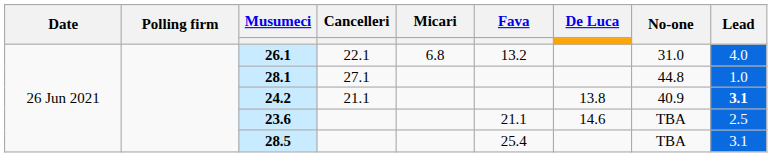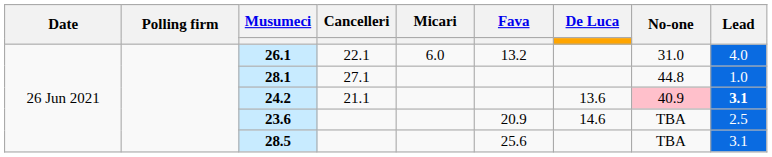 <table class="wikitable collapsible collapsed" style="text-align:center;font-size:85%;line-height:13px">
 <tr style="height:30px; background-color:#E9E9E9">
 <th style="width:100px;" rowspan="2">Date</th>
 <th style="width:100px;" rowspan="2">Polling firm</th>
 <th style="width:65px;"><a href='#'>Musumeci</a></th>
 <th style="width:65px;">Cancelleri</th>
 <th style="width:65px;">Micari</th>
 <th style="width:65px;"><a href='#'>Fava</a></th>
 <th style="width:65px;"><a href='#'>De Luca</a></th>
 <th style="width:65px;" rowspan="2">No-one</th>
 <th style="width:45px;" rowspan="2">Lead</th>
 </tr>
 <tr>
 <th style="color:inherit;background:"></th>
 <th style="color:inherit;background:"></th>
 <th style="color:inherit;background:"></th>
 <th style="color:inherit;background:"></th>
 <th style="color:inherit;background:orange;"></th>
 </tr>
 <tr>
 <td rowspan="5">26 Jun 2021</td>
 <td rowspan="5"></td>
 <td style="background:#C8EBFF"><strong>26.1</strong></td>
 <td>22.1</td>
-<td>6.8</td>
+<td>6.0</td>
 <td>13.2</td>
 <td></td>
 <td>31.0</td>
 <td style="background:#0A6BE1; color:white;">4.0</td>
 </tr>
 <tr>
 <td style="background:#C8EBFF"><strong>28.1</strong></td>
 <td>27.1</td>
 <td></td>
 <td></td>
 <td></td>
 <td>44.8</td>
 <td style="background:#0A6BE1; color:white;">1.0</td>
 </tr>
 <tr>
 <td style="background:#C8EBFF"><strong>24.2</strong></td>
 <td>21.1</td>
 <td></td>
 <td></td>
-<td>13.8</td>
-<td>40.9</td>
+<td>13.6</td>
+<td style="background: pink;">40.9</td>
 <td style="background:#0A6BE1; color:white;"><strong>3.1</strong></td>
 </tr>
 <tr>
 <td style="background:#C8EBFF"><strong>23.6</strong></td>
 <td></td>
 <td></td>
-<td>21.1</td>
+<td>20.9</td>
 <td>14.6</td>
 <td>TBA</td>
 <td style="background:#0A6BE1; color:white;">2.5</td>
 </tr>
 <tr>
 <td style="background:#C8EBFF"><strong>28.5</strong></td>
 <td></td>
 <td></td>
-<td>25.4</td>
+<td>25.6</td>
 <td></td>
 <td>TBA</td>
 <td style="background:#0A6BE1; color:white;">3.1</td>
 </tr>
 </table>
